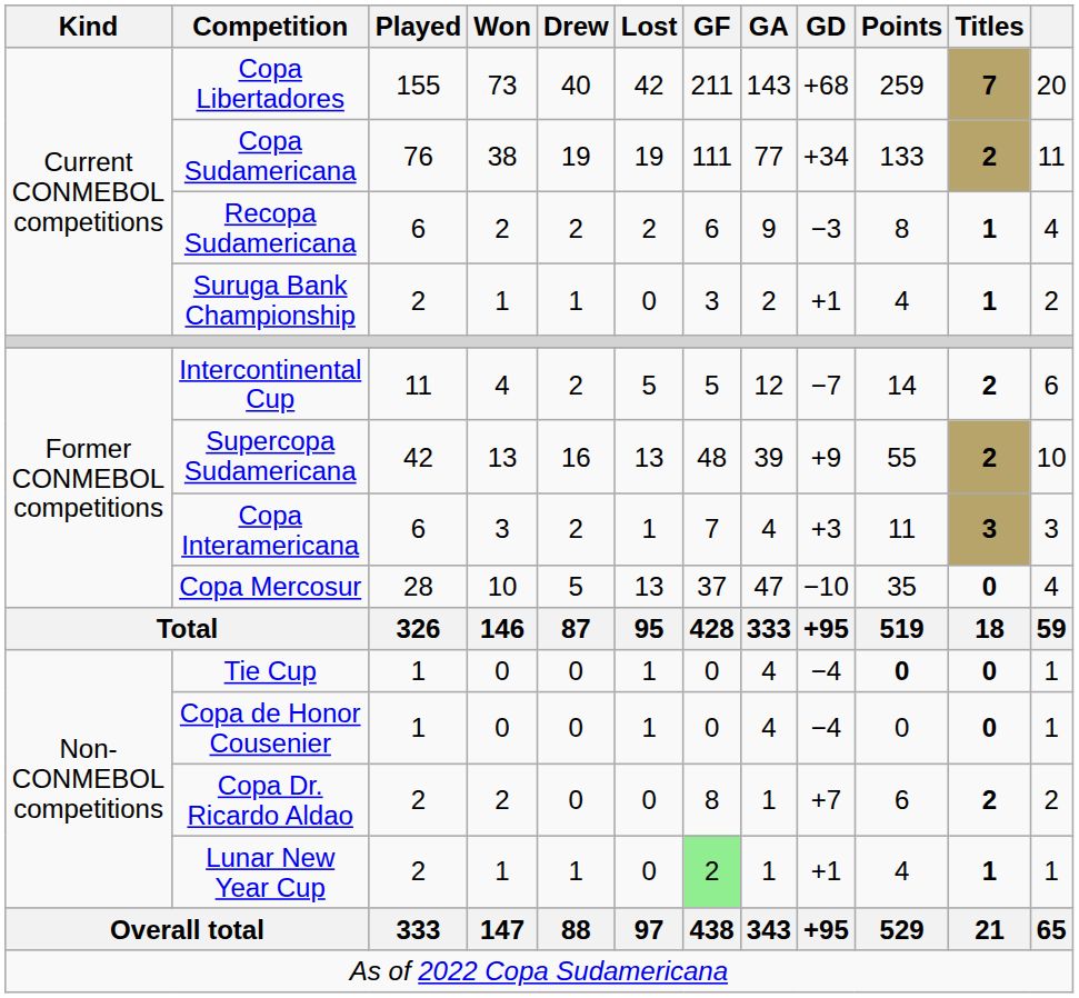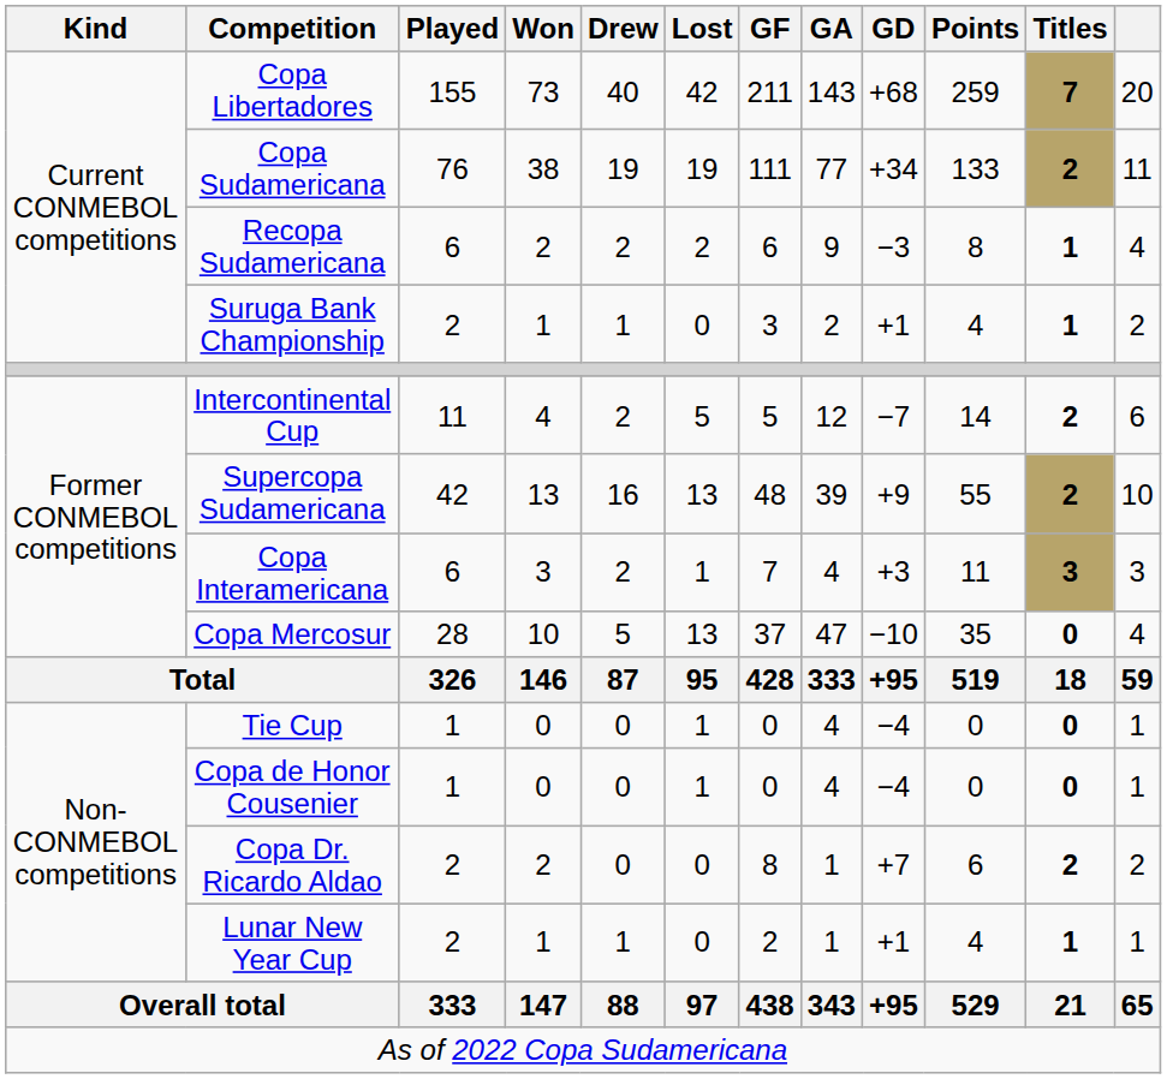 <table class="wikitable" style="text-align: center; font-size: 95%;">
 <tr>
 <th>Kind</th>
 <th>Competition</th>
 <th>Played</th>
 <th>Won</th>
 <th>Drew</th>
 <th>Lost</th>
 <th>GF</th>
 <th>GA</th>
 <th>GD</th>
 <th>Points</th>
 <th>Titles</th>
 <th></th>
 </tr>
 <tr>
 <td rowspan="4" align=center valign=center>Current<br>CONMEBOL<br>competitions</td>
 <td><a href='#'>Copa Libertadores</a></td>
 <td>155</td>
 <td>73</td>
 <td>40</td>
 <td>42</td>
 <td>211</td>
 <td>143</td>
 <td>+68</td>
 <td>259</td>
 <td bgcolor="#B7A46A"><strong>7</strong></td>
 <td>20</td>
 </tr>
 <tr>
 <td><a href='#'>Copa Sudamericana</a></td>
 <td>76</td>
 <td>38</td>
 <td>19</td>
 <td>19</td>
 <td>111</td>
 <td>77</td>
 <td>+34</td>
 <td>133</td>
 <td bgcolor="#B7A46A"><strong>2</strong></td>
 <td>11</td>
 </tr>
 <tr>
 <td><a href='#'>Recopa Sudamericana</a></td>
 <td>6</td>
 <td>2</td>
 <td>2</td>
 <td>2</td>
 <td>6</td>
 <td>9</td>
 <td>−3</td>
 <td>8</td>
 <td><strong>1</strong></td>
 <td>4</td>
 </tr>
 <tr>
 <td><a href='#'>Suruga Bank Championship</a></td>
 <td>2</td>
 <td>1</td>
 <td>1</td>
 <td>0</td>
 <td>3</td>
 <td>2</td>
 <td>+1</td>
 <td>4</td>
 <td><strong>1</strong></td>
 <td>2</td>
 </tr>
 <tr>
 <td style="background-color:lightgrey" colspan=12></td>
 </tr>
 <tr>
 <td rowspan="4" align=center valign=center>Former<br>CONMEBOL<br>competitions</td>
 <td><a href='#'>Intercontinental Cup</a></td>
 <td>11</td>
 <td>4</td>
 <td>2</td>
 <td>5</td>
 <td>5</td>
 <td>12</td>
 <td>−7</td>
 <td>14</td>
 <td><strong>2</strong></td>
 <td>6</td>
 </tr>
 <tr>
 <td><a href='#'>Supercopa Sudamericana</a></td>
 <td>42</td>
 <td>13</td>
 <td>16</td>
 <td>13</td>
 <td>48</td>
 <td>39</td>
 <td>+9</td>
 <td>55</td>
 <td bgcolor="#B7A46A"><strong>2</strong></td>
 <td>10</td>
 </tr>
 <tr>
 <td><a href='#'>Copa Interamericana</a></td>
 <td>6</td>
 <td>3</td>
 <td>2</td>
 <td>1</td>
 <td>7</td>
 <td>4</td>
 <td>+3</td>
 <td>11</td>
 <td bgcolor="#B7A46A"><strong>3</strong></td>
 <td>3</td>
 </tr>
 <tr>
 <td><a href='#'>Copa Mercosur</a></td>
 <td>28</td>
 <td>10</td>
 <td>5</td>
 <td>13</td>
 <td>37</td>
 <td>47</td>
 <td>−10</td>
 <td>35</td>
 <td><strong>0</strong></td>
 <td>4</td>
 </tr>
 <tr>
 <th colspan="2">Total</th>
 <th>326</th>
 <th>146</th>
 <th>87</th>
 <th>95</th>
 <th>428</th>
 <th>333</th>
 <th>+95</th>
 <th>519</th>
 <th>18</th>
 <th>59</th>
 </tr>
 <tr>
 <td rowspan="4" align=center valign=center>Non-CONMEBOL<br>competitions</td>
 <td><a href='#'>Tie Cup</a></td>
 <td>1</td>
 <td>0</td>
 <td>0</td>
 <td>1</td>
 <td>0</td>
 <td>4</td>
 <td>−4</td>
-<td><strong>0</strong></td>
+<td>0</td>
 <td><strong>0</strong></td>
 <td>1</td>
 </tr>
 <tr>
 <td><a href='#'>Copa de Honor Cousenier</a></td>
 <td>1</td>
 <td>0</td>
 <td>0</td>
 <td>1</td>
 <td>0</td>
 <td>4</td>
 <td>−4</td>
 <td>0</td>
 <td><strong>0</strong></td>
 <td>1</td>
 </tr>
 <tr>
 <td><a href='#'>Copa Dr. Ricardo Aldao</a></td>
 <td>2</td>
 <td>2</td>
 <td>0</td>
 <td>0</td>
 <td>8</td>
 <td>1</td>
 <td>+7</td>
 <td>6</td>
 <td><strong>2</strong></td>
 <td>2</td>
 </tr>
 <tr>
 <td><a href='#'>Lunar New Year Cup</a></td>
 <td>2</td>
 <td>1</td>
 <td>1</td>
 <td>0</td>
-<td style="background: lightgreen;">2</td>
+<td>2</td>
 <td>1</td>
 <td>+1</td>
 <td>4</td>
 <td><strong>1</strong></td>
 <td>1</td>
 </tr>
 <tr>
 <th colspan="2">Overall total</th>
 <th>333</th>
 <th>147</th>
 <th>88</th>
 <th>97</th>
 <th>438</th>
 <th>343</th>
 <th>+95</th>
 <th>529</th>
 <th>21</th>
 <th>65</th>
 </tr>
 <tr>
 <td colspan="14"><em>As of <a href='#'>2022 Copa Sudamericana</a></em></td>
 </tr>
 </table>
